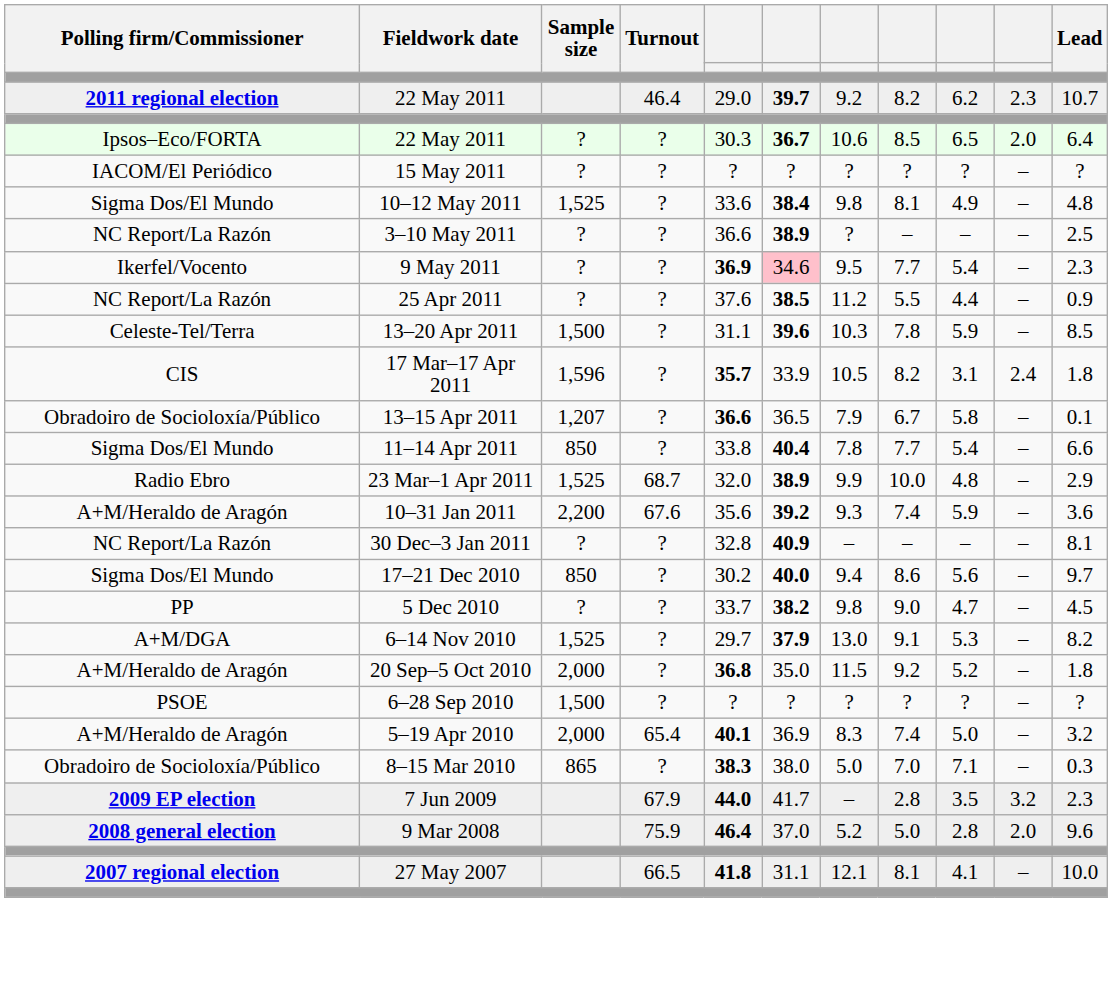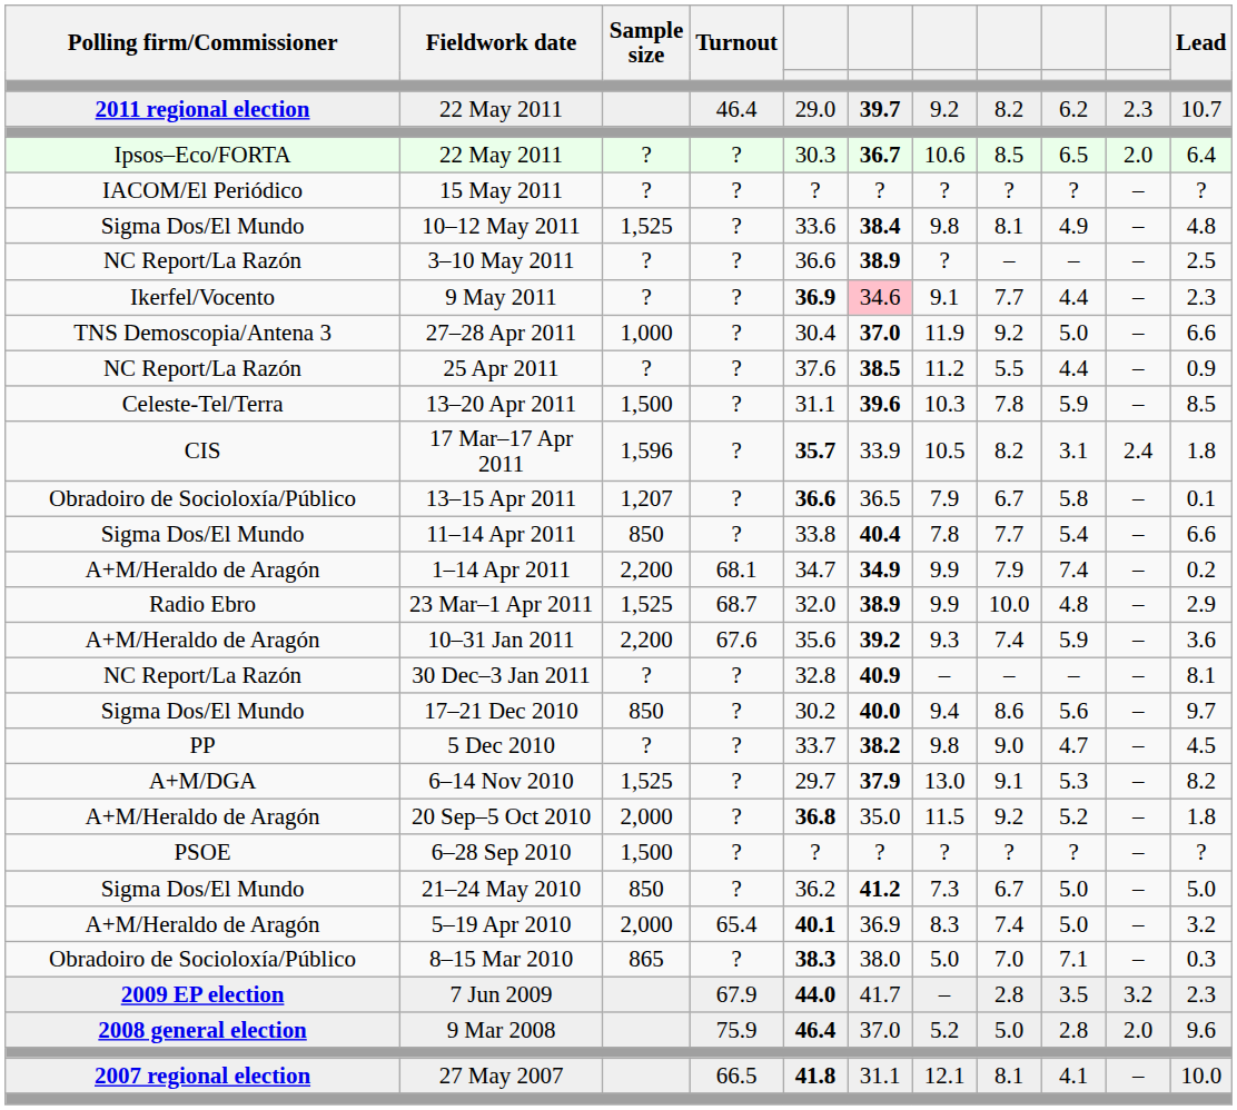 <table class="wikitable collapsible collapsed" style="text-align:center; font-size:95%; line-height:16px;">
 <tr style="height:42px;">
 <th style="width:250px;" rowspan="2">Polling firm/Commissioner</th>
 <th style="width:125px;" rowspan="2">Fieldwork date</th>
 <th style="width:50px;" rowspan="2">Sample size</th>
 <th style="width:45px;" rowspan="2">Turnout</th>
 <th style="width:35px;"></th>
 <th style="width:35px;"></th>
 <th style="width:35px;"></th>
 <th style="width:35px;"></th>
 <th style="width:35px;"></th>
 <th style="width:35px;"></th>
 <th style="width:30px;" rowspan="2">Lead</th>
 </tr>
 <tr>
 <th style="color:inherit;background:"></th>
 <th style="color:inherit;background:"></th>
 <th style="color:inherit;background:"></th>
 <th style="color:inherit;background:"></th>
 <th style="color:inherit;background:"></th>
 <th style="color:inherit;background:"></th>
 </tr>
 <tr>
 <td colspan="11" style="background:#A0A0A0"></td>
 </tr>
 <tr style="background:#EFEFEF;">
 <td><strong><a href='#'>2011 regional election</a></strong></td>
 <td>22 May 2011</td>
 <td></td>
 <td>46.4</td>
 <td>29.0<br></td>
 <td><strong>39.7</strong><br></td>
 <td>9.2<br></td>
 <td>8.2<br></td>
 <td>6.2<br></td>
 <td>2.3<br></td>
 <td style="background:">10.7</td>
 </tr>
 <tr>
 <td colspan="11" style="background:#A0A0A0"></td>
 </tr>
 <tr style="background:#EAFFEA;">
 <td>Ipsos–Eco/FORTA</td>
 <td>22 May 2011</td>
 <td>?</td>
 <td>?</td>
 <td>30.3<br></td>
 <td><strong>36.7</strong><br></td>
 <td>10.6<br></td>
 <td>8.5<br></td>
 <td>6.5<br></td>
 <td>2.0<br></td>
 <td style="background:">6.4</td>
 </tr>
 <tr>
 <td>IACOM/El Periódico</td>
 <td>15 May 2011</td>
 <td>?</td>
 <td>?</td>
 <td>?<br></td>
 <td>?<br></td>
 <td>?<br></td>
 <td>?<br></td>
 <td>?<br></td>
 <td>–</td>
 <td style="background:">?</td>
 </tr>
 <tr>
 <td>Sigma Dos/El Mundo</td>
 <td>10–12 May 2011</td>
 <td>1,525</td>
 <td>?</td>
 <td>33.6<br></td>
 <td><strong>38.4</strong><br></td>
 <td>9.8<br></td>
 <td>8.1<br></td>
 <td>4.9<br></td>
 <td>–</td>
 <td style="background:">4.8</td>
 </tr>
 <tr>
 <td>NC Report/La Razón</td>
 <td>3–10 May 2011</td>
 <td>?</td>
 <td>?</td>
 <td>36.6<br></td>
 <td><strong>38.9</strong><br></td>
 <td>?<br></td>
 <td>–</td>
 <td>–</td>
 <td>–</td>
 <td style="background:">2.5</td>
 </tr>
 <tr>
 <td>Ikerfel/Vocento</td>
 <td>9 May 2011</td>
 <td>?</td>
 <td>?</td>
 <td><strong>36.9</strong><br></td>
 <td style="background: pink;">34.6<br></td>
-<td>9.5<br></td>
+<td>9.1<br></td>
 <td>7.7<br></td>
-<td>5.4<br></td>
+<td>4.4<br></td>
 <td>–</td>
 <td style="background:">2.3</td>
+</tr>
+<tr>
+<td>TNS Demoscopia/Antena 3</td>
+<td>27–28 Apr 2011</td>
+<td>1,000</td>
+<td>?</td>
+<td>30.4<br></td>
+<td><strong>37.0</strong><br></td>
+<td>11.9<br></td>
+<td>9.2<br></td>
+<td>5.0<br></td>
+<td>–</td>
+<td style="background:">6.6</td>
 </tr>
 <tr>
 <td>NC Report/La Razón</td>
 <td>25 Apr 2011</td>
 <td>?</td>
 <td>?</td>
 <td>37.6<br></td>
 <td><strong>38.5</strong><br></td>
 <td>11.2<br></td>
 <td>5.5<br></td>
 <td>4.4<br></td>
 <td>–</td>
 <td style="background:">0.9</td>
 </tr>
 <tr>
 <td>Celeste-Tel/Terra</td>
 <td>13–20 Apr 2011</td>
 <td>1,500</td>
 <td>?</td>
 <td>31.1<br></td>
 <td><strong>39.6</strong><br></td>
 <td>10.3<br></td>
 <td>7.8<br></td>
 <td>5.9<br></td>
 <td>–</td>
 <td style="background:">8.5</td>
 </tr>
 <tr>
 <td>CIS</td>
 <td>17 Mar–17 Apr 2011</td>
 <td>1,596</td>
 <td>?</td>
 <td><strong>35.7</strong><br></td>
 <td>33.9<br></td>
 <td>10.5<br></td>
 <td>8.2<br></td>
 <td>3.1<br></td>
 <td>2.4<br></td>
 <td style="background:">1.8</td>
 </tr>
 <tr>
 <td>Obradoiro de Socioloxía/Público</td>
 <td>13–15 Apr 2011</td>
 <td>1,207</td>
 <td>?</td>
 <td><strong>36.6</strong><br></td>
 <td>36.5<br></td>
 <td>7.9<br></td>
 <td>6.7<br></td>
 <td>5.8<br></td>
 <td>–</td>
 <td style="background:">0.1</td>
 </tr>
 <tr>
 <td>Sigma Dos/El Mundo</td>
 <td>11–14 Apr 2011</td>
 <td>850</td>
 <td>?</td>
 <td>33.8<br></td>
 <td><strong>40.4</strong><br></td>
 <td>7.8<br></td>
 <td>7.7<br></td>
 <td>5.4<br></td>
 <td>–</td>
 <td style="background:">6.6</td>
+</tr>
+<tr>
+<td>A+M/Heraldo de Aragón</td>
+<td>1–14 Apr 2011</td>
+<td>2,200</td>
+<td>68.1</td>
+<td>34.7<br></td>
+<td><strong>34.9</strong><br></td>
+<td>9.9<br></td>
+<td>7.9<br></td>
+<td>7.4<br></td>
+<td>–</td>
+<td style="background:">0.2</td>
 </tr>
 <tr>
 <td>Radio Ebro</td>
 <td>23 Mar–1 Apr 2011</td>
 <td>1,525</td>
 <td>68.7</td>
 <td>32.0<br></td>
 <td><strong>38.9</strong><br></td>
 <td>9.9<br></td>
 <td>10.0<br></td>
 <td>4.8<br></td>
 <td>–</td>
 <td style="background:">2.9</td>
 </tr>
 <tr>
 <td>A+M/Heraldo de Aragón</td>
 <td>10–31 Jan 2011</td>
 <td>2,200</td>
 <td>67.6</td>
 <td>35.6<br></td>
 <td><strong>39.2</strong><br></td>
 <td>9.3<br></td>
 <td>7.4<br></td>
 <td>5.9<br></td>
 <td>–</td>
 <td style="background:">3.6</td>
 </tr>
 <tr>
 <td>NC Report/La Razón</td>
 <td>30 Dec–3 Jan 2011</td>
 <td>?</td>
 <td>?</td>
 <td>32.8<br></td>
 <td><strong>40.9</strong><br></td>
 <td>–</td>
 <td>–</td>
 <td>–</td>
 <td>–</td>
 <td style="background:">8.1</td>
 </tr>
 <tr>
 <td>Sigma Dos/El Mundo</td>
 <td>17–21 Dec 2010</td>
 <td>850</td>
 <td>?</td>
 <td>30.2<br></td>
 <td><strong>40.0</strong><br></td>
 <td>9.4<br></td>
 <td>8.6<br></td>
 <td>5.6<br></td>
 <td>–</td>
 <td style="background:">9.7</td>
 </tr>
 <tr>
 <td>PP</td>
 <td>5 Dec 2010</td>
 <td>?</td>
 <td>?</td>
 <td>33.7<br></td>
 <td><strong>38.2</strong><br></td>
 <td>9.8<br></td>
 <td>9.0<br></td>
 <td>4.7<br></td>
 <td>–</td>
 <td style="background:">4.5</td>
 </tr>
 <tr>
 <td>A+M/DGA</td>
 <td>6–14 Nov 2010</td>
 <td>1,525</td>
 <td>?</td>
 <td>29.7<br></td>
 <td><strong>37.9</strong><br></td>
 <td>13.0<br></td>
 <td>9.1<br></td>
 <td>5.3<br></td>
 <td>–</td>
 <td style="background:">8.2</td>
 </tr>
 <tr>
 <td>A+M/Heraldo de Aragón</td>
 <td>20 Sep–5 Oct 2010</td>
 <td>2,000</td>
 <td>?</td>
 <td><strong>36.8</strong><br></td>
 <td>35.0<br></td>
 <td>11.5<br></td>
 <td>9.2<br></td>
 <td>5.2<br></td>
 <td>–</td>
 <td style="background:">1.8</td>
 </tr>
 <tr>
 <td>PSOE</td>
 <td>6–28 Sep 2010</td>
 <td>1,500</td>
 <td>?</td>
 <td>?<br></td>
 <td>?<br></td>
 <td>?<br></td>
 <td>?<br></td>
 <td>?<br></td>
 <td>–</td>
 <td style="background:">?</td>
 </tr>
 <tr>
+<td>Sigma Dos/El Mundo</td>
+<td>21–24 May 2010</td>
+<td>850</td>
+<td>?</td>
+<td>36.2<br></td>
+<td><strong>41.2</strong><br></td>
+<td>7.3<br></td>
+<td>6.7<br></td>
+<td>5.0<br></td>
+<td>–</td>
+<td style="background:">5.0</td>
+</tr>
+<tr>
 <td>A+M/Heraldo de Aragón</td>
 <td>5–19 Apr 2010</td>
 <td>2,000</td>
 <td>65.4</td>
 <td><strong>40.1</strong><br></td>
 <td>36.9<br></td>
 <td>8.3<br></td>
 <td>7.4<br></td>
 <td>5.0<br></td>
 <td>–</td>
 <td style="background:">3.2</td>
 </tr>
 <tr>
 <td>Obradoiro de Socioloxía/Público</td>
 <td>8–15 Mar 2010</td>
 <td>865</td>
 <td>?</td>
 <td><strong>38.3</strong><br></td>
 <td>38.0<br></td>
 <td>5.0<br></td>
 <td>7.0<br></td>
 <td>7.1<br></td>
 <td>–</td>
 <td style="background:">0.3</td>
 </tr>
 <tr style="background:#EFEFEF;">
 <td><strong><a href='#'>2009 EP election</a></strong></td>
 <td>7 Jun 2009</td>
 <td></td>
 <td>67.9</td>
 <td><strong>44.0</strong><br></td>
 <td>41.7<br></td>
 <td>–</td>
 <td>2.8<br></td>
 <td>3.5<br></td>
 <td>3.2<br></td>
 <td style="background:">2.3</td>
 </tr>
 <tr style="background:#EFEFEF;">
 <td><strong><a href='#'>2008 general election</a></strong></td>
 <td>9 Mar 2008</td>
 <td></td>
 <td>75.9</td>
 <td><strong>46.4</strong><br></td>
 <td>37.0<br></td>
 <td>5.2<br></td>
 <td>5.0<br></td>
 <td>2.8<br></td>
 <td>2.0<br></td>
 <td style="background:">9.6</td>
 </tr>
 <tr>
 <td colspan="11" style="background:#A0A0A0"></td>
 </tr>
 <tr style="background:#EFEFEF;">
 <td><strong><a href='#'>2007 regional election</a></strong></td>
 <td>27 May 2007</td>
 <td></td>
 <td>66.5</td>
 <td><strong>41.8</strong><br></td>
 <td>31.1<br></td>
 <td>12.1<br></td>
 <td>8.1<br></td>
 <td>4.1<br></td>
 <td>–</td>
 <td style="background:">10.0</td>
 </tr>
 <tr>
 <td colspan="11" style="background:#A0A0A0"></td>
 </tr>
 </table>
